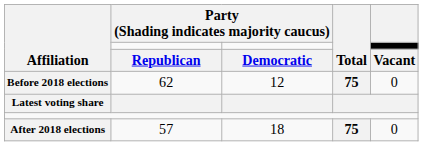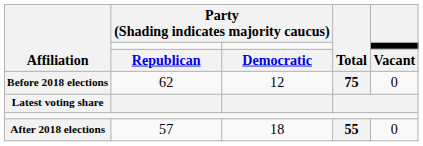 <table class=wikitable style="text-align:center">
 <tr style="vertical-align:bottom;">
 <th rowspan=3>Affiliation</th>
 <th colspan=2>Party <div>(Shading indicates majority caucus)</div></th>
 <th rowspan=3>Total</th>
 <th></th>
 </tr>
 <tr style="height:5px">
 <td style="background-color:"></td>
 <td style="background-color:"></td>
 <td style="background-color:black"></td>
 </tr>
 <tr>
 <th><a href='#'>Republican</a></th>
 <th><a href='#'>Democratic</a></th>
 <th>Vacant</th>
 </tr>
 <tr>
 <th nowrap style="font-size:80%">Before 2018 elections</th>
 <td>62</td>
 <td>12</td>
 <th>75</th>
 <td>0</td>
 </tr>
 <tr>
 <th nowrap style="font-size:80%">Latest voting share</th>
 <th></th>
 <th></th>
 <th colspan=2></th>
 </tr>
 <tr>
 <td colspan=5></td>
 </tr>
 <tr>
 <th nowrap style="font-size:80%">After 2018 elections</th>
 <td>57</td>
 <td>18</td>
-<th>75</th>
+<th>55</th>
 <td>0</td>
 </tr>
 </table>
